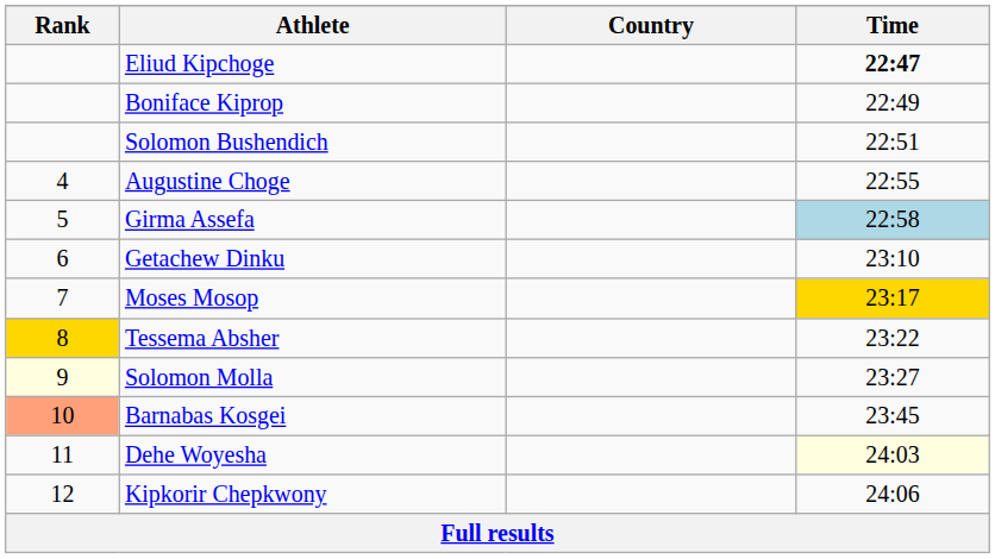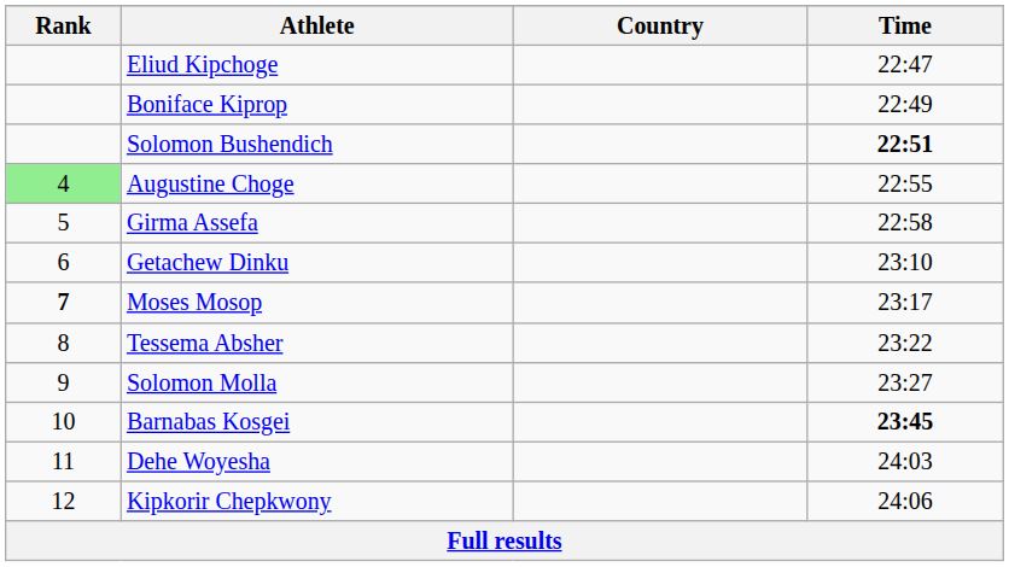 <table class="wikitable sortable" style=" text-align:center; font-size:95%;" width="50%">
 <tr>
 </tr>
 <tr>
 <th width=5%>Rank</th>
 <th width=20%>Athlete</th>
 <th width=15%>Country</th>
 <th width=10%>Time</th>
 </tr>
 <tr>
 <td align=center></td>
 <td align=left><a href='#'>Eliud Kipchoge</a></td>
 <td align=left></td>
-<td><strong>22:47</strong></td>
+<td>22:47</td>
 </tr>
 <tr>
 <td align=center></td>
 <td align=left><a href='#'>Boniface Kiprop</a></td>
 <td align=left></td>
 <td>22:49</td>
 </tr>
 <tr>
 <td align=center></td>
 <td align=left><a href='#'>Solomon Bushendich</a></td>
 <td align=left></td>
-<td>22:51</td>
+<td><strong>22:51</strong></td>
 </tr>
 <tr>
-<td align=center>4</td>
+<td align=center style="background: lightgreen;">4</td>
 <td align=left><a href='#'>Augustine Choge</a></td>
 <td align=left></td>
 <td>22:55</td>
 </tr>
 <tr>
 <td align=center>5</td>
 <td align=left><a href='#'>Girma Assefa</a></td>
 <td align=left></td>
-<td style="background: lightblue;">22:58</td>
+<td>22:58</td>
 </tr>
 <tr>
 <td align=center>6</td>
 <td align=left><a href='#'>Getachew Dinku</a></td>
 <td align=left></td>
 <td>23:10</td>
 </tr>
 <tr>
-<td align=center>7</td>
+<td align=center><strong>7</strong></td>
 <td align=left><a href='#'>Moses Mosop</a></td>
 <td align=left></td>
-<td style="background: gold;">23:17</td>
+<td>23:17</td>
 </tr>
 <tr>
-<td align=center style="background: gold;">8</td>
+<td align=center>8</td>
 <td align=left><a href='#'>Tessema Absher</a></td>
 <td align=left></td>
 <td>23:22</td>
 </tr>
 <tr>
-<td align=center style="background: lightyellow;">9</td>
+<td align=center>9</td>
 <td align=left><a href='#'>Solomon Molla</a></td>
 <td align=left></td>
 <td>23:27</td>
 </tr>
 <tr>
-<td align=center style="background: lightsalmon;">10</td>
+<td align=center>10</td>
 <td align=left><a href='#'>Barnabas Kosgei</a></td>
 <td align=left></td>
-<td>23:45</td>
+<td><strong>23:45</strong></td>
 </tr>
 <tr>
 <td align=center>11</td>
 <td align=left><a href='#'>Dehe Woyesha</a></td>
 <td align=left></td>
-<td style="background: lightyellow;">24:03</td>
+<td>24:03</td>
 </tr>
 <tr>
 <td align=center>12</td>
 <td align=left><a href='#'>Kipkorir Chepkwony</a></td>
 <td align=left></td>
 <td>24:06</td>
 </tr>
 <tr class="sortbottom">
 <th colspan=4 align=center><a href='#'>Full results</a></th>
 </tr>
 </table>
